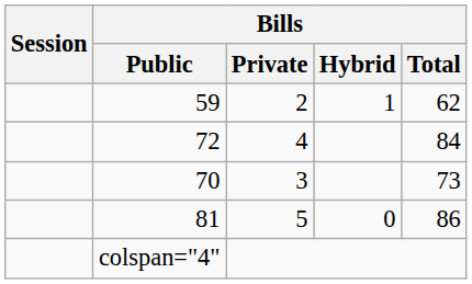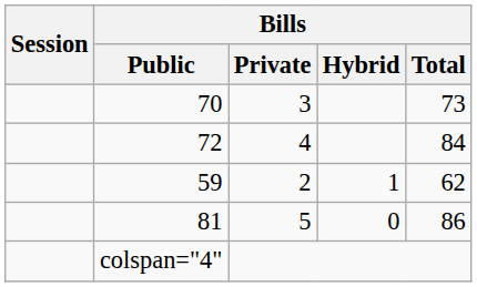 <table class="wikitable floatright" style="text-align: right;">
 <tr>
 <th rowspan="2">Session</th>
 <th colspan="4">Bills</th>
 </tr>
 <tr>
 <th>Public</th>
 <th>Private</th>
 <th>Hybrid</th>
 <th>Total</th>
 </tr>
 <tr>
 <td></td>
-<td>59</td>
-<td>2</td>
-<td>1</td>
-<td>62</td>
+<td>70</td>
+<td>3</td>
+<td></td>
+<td>73</td>
 </tr>
 <tr>
 <td></td>
 <td>72</td>
 <td>4</td>
 <td></td>
 <td>84</td>
 </tr>
 <tr>
 <td></td>
-<td>70</td>
-<td>3</td>
-<td></td>
-<td>73</td>
+<td>59</td>
+<td>2</td>
+<td>1</td>
+<td>62</td>
 </tr>
 <tr>
 <td></td>
 <td>81</td>
 <td>5</td>
 <td>0</td>
 <td>86</td>
 </tr>
 <tr>
 <td></td>
 <td>colspan="4" </td>
 </tr>
 </table>
